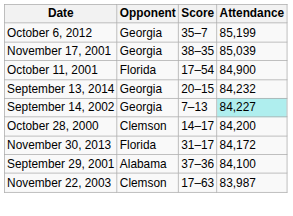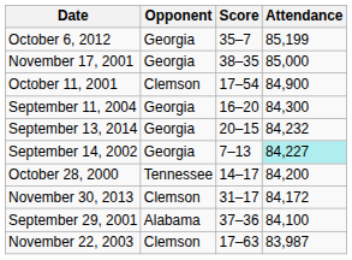 <table class="wikitable">
 <tr>
 <th>Date</th>
 <th>Opponent</th>
 <th>Score</th>
 <th>Attendance</th>
 </tr>
 <tr>
 <td>October 6, 2012</td>
 <td>Georgia</td>
 <td>35–7</td>
 <td>85,199</td>
 </tr>
 <tr>
 <td>November 17, 2001</td>
 <td>Georgia</td>
 <td>38–35</td>
-<td>85,039</td>
+<td>85,000</td>
 </tr>
 <tr>
 <td>October 11, 2001</td>
-<td>Florida</td>
+<td>Clemson</td>
 <td>17–54</td>
 <td>84,900</td>
+</tr>
+<tr>
+<td>September 11, 2004</td>
+<td>Georgia</td>
+<td>16–20</td>
+<td>84,300</td>
 </tr>
 <tr>
 <td>September 13, 2014</td>
 <td>Georgia</td>
 <td>20–15</td>
 <td>84,232</td>
 </tr>
 <tr>
 <td>September 14, 2002</td>
 <td>Georgia</td>
 <td>7–13</td>
 <td style="background: paleturquoise;">84,227</td>
 </tr>
 <tr>
 <td>October 28, 2000</td>
-<td>Clemson</td>
+<td>Tennessee</td>
 <td>14–17</td>
 <td>84,200</td>
 </tr>
 <tr>
 <td>November 30, 2013</td>
-<td>Florida</td>
+<td>Clemson</td>
 <td>31–17</td>
 <td>84,172</td>
 </tr>
 <tr>
 <td>September 29, 2001</td>
 <td>Alabama</td>
 <td>37–36</td>
 <td>84,100</td>
 </tr>
 <tr>
 <td>November 22, 2003</td>
 <td>Clemson</td>
 <td>17–63</td>
 <td>83,987</td>
 </tr>
 </table>
